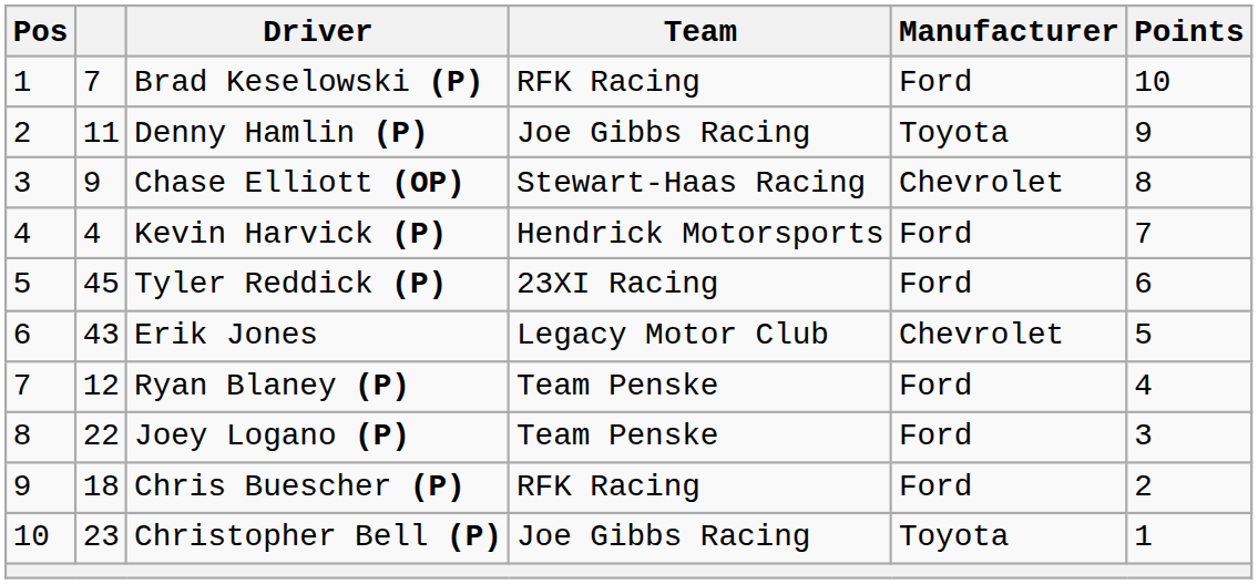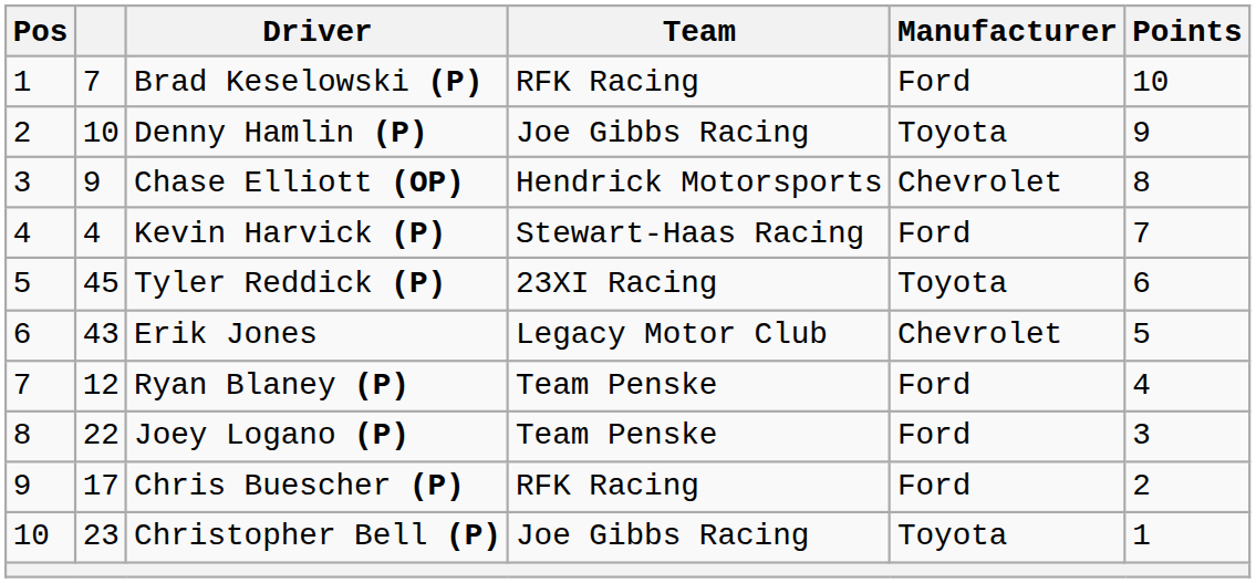 <table class="wikitable" style="font-size:98%">
 <tr>
 <th>Pos</th>
 <th></th>
 <th>Driver</th>
 <th>Team</th>
 <th>Manufacturer</th>
 <th>Points</th>
 </tr>
 <tr>
 <td>1</td>
 <td>7</td>
 <td>Brad Keselowski <strong>(P)</strong></td>
 <td>RFK Racing</td>
 <td>Ford</td>
 <td>10</td>
 </tr>
 <tr>
 <td>2</td>
-<td>11</td>
+<td>10</td>
 <td>Denny Hamlin <strong>(P)</strong></td>
 <td>Joe Gibbs Racing</td>
 <td>Toyota</td>
 <td>9</td>
 </tr>
 <tr>
 <td>3</td>
 <td>9</td>
 <td>Chase Elliott <strong>(OP)</strong></td>
-<td>Stewart-Haas Racing</td>
+<td>Hendrick Motorsports</td>
 <td>Chevrolet</td>
 <td>8</td>
 </tr>
 <tr>
 <td>4</td>
 <td>4</td>
 <td>Kevin Harvick <strong>(P)</strong></td>
-<td>Hendrick Motorsports</td>
+<td>Stewart-Haas Racing</td>
 <td>Ford</td>
 <td>7</td>
 </tr>
 <tr>
 <td>5</td>
 <td>45</td>
 <td>Tyler Reddick <strong>(P)</strong></td>
 <td>23XI Racing</td>
-<td>Ford</td>
+<td>Toyota</td>
 <td>6</td>
 </tr>
 <tr>
 <td>6</td>
 <td>43</td>
 <td>Erik Jones</td>
 <td>Legacy Motor Club</td>
 <td>Chevrolet</td>
 <td>5</td>
 </tr>
 <tr>
 <td>7</td>
 <td>12</td>
 <td>Ryan Blaney <strong>(P)</strong></td>
 <td>Team Penske</td>
 <td>Ford</td>
 <td>4</td>
 </tr>
 <tr>
 <td>8</td>
 <td>22</td>
 <td>Joey Logano <strong>(P)</strong></td>
 <td>Team Penske</td>
 <td>Ford</td>
 <td>3</td>
 </tr>
 <tr>
 <td>9</td>
-<td>18</td>
+<td>17</td>
 <td>Chris Buescher <strong>(P)</strong></td>
 <td>RFK Racing</td>
 <td>Ford</td>
 <td>2</td>
 </tr>
 <tr>
 <td>10</td>
 <td>23</td>
 <td>Christopher Bell <strong>(P)</strong></td>
 <td>Joe Gibbs Racing</td>
 <td>Toyota</td>
 <td>1</td>
 </tr>
 <tr>
 <th colspan="6"></th>
 </tr>
 </table>
